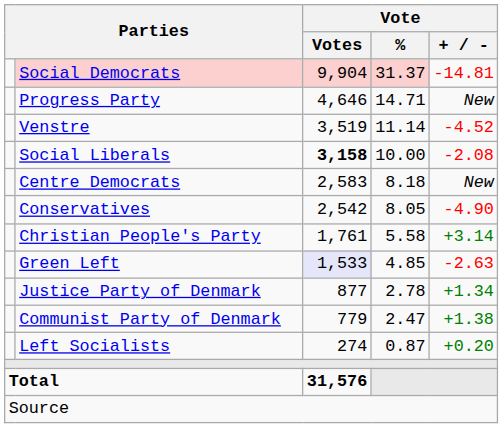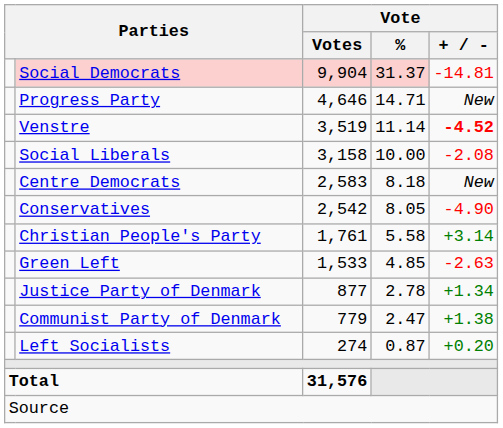 <table class="wikitable" style="text-align:right;">
 <tr>
 <th style="text-align:centre;" rowspan="2" colspan="2" width="225">Parties</th>
 <th colspan="3">Vote</th>
 </tr>
 <tr>
 <th width="15">Votes</th>
 <th width="15">%</th>
 <th width="15">+ / -</th>
 </tr>
 <tr>
 <td width="2" style="color:inherit;background:"></td>
 <td bgcolor=#fbd0ce  align="left"><a href='#'>Social Democrats</a></td>
 <td bgcolor=#fbd0ce>9,904</td>
 <td bgcolor=#fbd0ce>31.37</td>
 <td style=color:red;>-14.81</td>
 </tr>
 <tr>
 <td width="2" style="color:inherit;background:"></td>
 <td align="left"><a href='#'>Progress Party</a></td>
 <td>4,646</td>
 <td>14.71</td>
 <td><em>New</em></td>
 </tr>
 <tr>
 <td width="2" style="color:inherit;background:"></td>
 <td align="left"><a href='#'>Venstre</a></td>
 <td>3,519</td>
 <td>11.14</td>
-<td style=color:red;>-4.52</td>
+<td style=color:red;><strong>-4.52</strong></td>
 </tr>
 <tr>
 <td width="2" style="color:inherit;background:"></td>
 <td align="left"><a href='#'>Social Liberals</a></td>
-<td><strong>3,158</strong></td>
+<td>3,158</td>
 <td>10.00</td>
 <td style=color:red;>-2.08</td>
 </tr>
 <tr>
 <td width="2" style="color:inherit;background:"></td>
 <td align="left"><a href='#'>Centre Democrats</a></td>
 <td>2,583</td>
 <td>8.18</td>
 <td><em>New</em></td>
 </tr>
 <tr>
 <td width="2" style="color:inherit;background:"></td>
 <td align="left"><a href='#'>Conservatives</a></td>
 <td>2,542</td>
 <td>8.05</td>
 <td style=color:red;>-4.90</td>
 </tr>
 <tr>
 <td width="2" style="color:inherit;background:"></td>
 <td align="left"><a href='#'>Christian People's Party</a></td>
 <td>1,761</td>
 <td>5.58</td>
 <td style=color:green;>+3.14</td>
 </tr>
 <tr>
 <td width="2" style="color:inherit;background:"></td>
 <td align="left"><a href='#'>Green Left</a></td>
-<td style="background: lavender;">1,533</td>
+<td>1,533</td>
 <td>4.85</td>
 <td style=color:red;>-2.63</td>
 </tr>
 <tr>
 <td width="2" style="color:inherit;background:"></td>
 <td align="left"><a href='#'>Justice Party of Denmark</a></td>
 <td>877</td>
 <td>2.78</td>
 <td style=color:green;>+1.34</td>
 </tr>
 <tr>
 <td width="2" style="color:inherit;background:"></td>
 <td align="left"><a href='#'>Communist Party of Denmark</a></td>
 <td>779</td>
 <td>2.47</td>
 <td style=color:green;>+1.38</td>
 </tr>
 <tr>
 <td width="2" style="color:inherit;background:"></td>
 <td align="left"><a href='#'>Left Socialists</a></td>
 <td>274</td>
 <td>0.87</td>
 <td style=color:green;>+0.20</td>
 </tr>
 <tr>
 <td colspan="7" bgcolor="#E9E9E9"></td>
 </tr>
 <tr>
 <td align="left" colspan="2"><strong>Total</strong></td>
 <td><strong>31,576</strong></td>
 <td bgcolor="#E9E9E9" colspan="2"></td>
 </tr>
 <tr>
 <td align="left" colspan="6">Source</td>
 </tr>
 </table>
